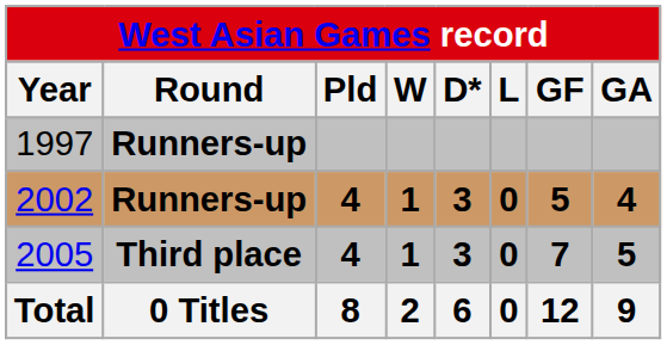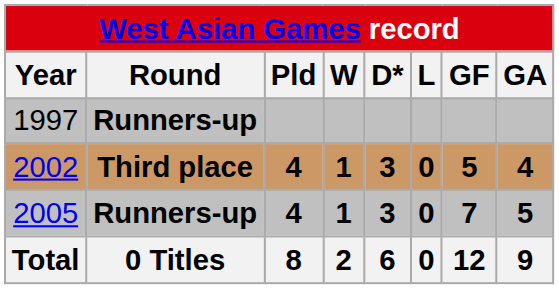 <table class="wikitable" style="text-align: center;font-size:90%;">
 <tr>
 <th colspan=9 style="background: #db000d; color: #FFFFFF;"><a href='#'>West Asian Games</a> record</th>
 </tr>
 <tr>
 <th>Year</th>
 <th>Round</th>
 <th>Pld</th>
 <th>W</th>
 <th>D*</th>
 <th>L</th>
 <th>GF</th>
 <th>GA</th>
 </tr>
 <tr bgcolor=silver>
 <td> 1997</td>
 <td><strong>Runners-up</strong></td>
 <td></td>
 <td></td>
 <td></td>
 <td></td>
 <td></td>
 <td></td>
 </tr>
 <tr bgcolor=#c96>
 <td> <a href='#'>2002</a></td>
-<td><strong>Runners-up</strong></td>
+<td><strong>Third place</strong></td>
 <td><strong>4</strong></td>
 <td><strong>1</strong></td>
 <td><strong>3</strong></td>
 <td><strong>0</strong></td>
 <td><strong>5</strong></td>
 <td><strong>4</strong></td>
 </tr>
 <tr bgcolor=silver>
 <td> <a href='#'>2005</a></td>
-<td><strong>Third place</strong></td>
+<td><strong>Runners-up</strong></td>
 <td><strong>4</strong></td>
 <td><strong>1</strong></td>
 <td><strong>3</strong></td>
 <td><strong>0</strong></td>
 <td><strong>7</strong></td>
 <td><strong>5</strong></td>
 </tr>
 <tr>
 <th>Total</th>
 <th>0 Titles</th>
 <th>8</th>
 <th>2</th>
 <th>6</th>
 <th>0</th>
 <th>12</th>
 <th>9</th>
 </tr>
 </table>
